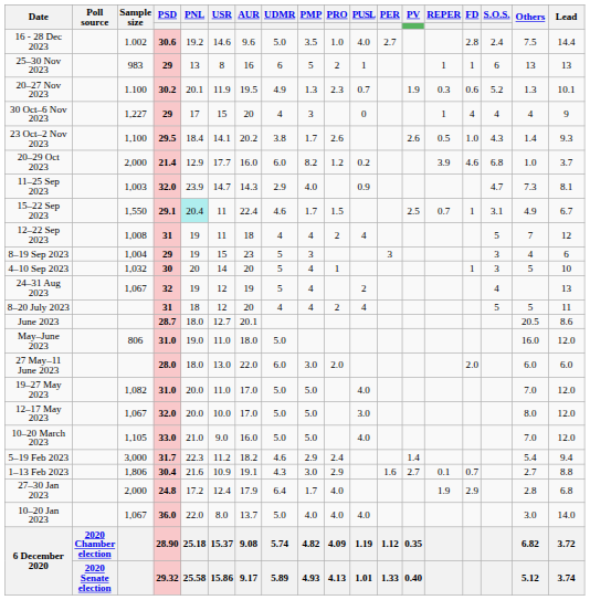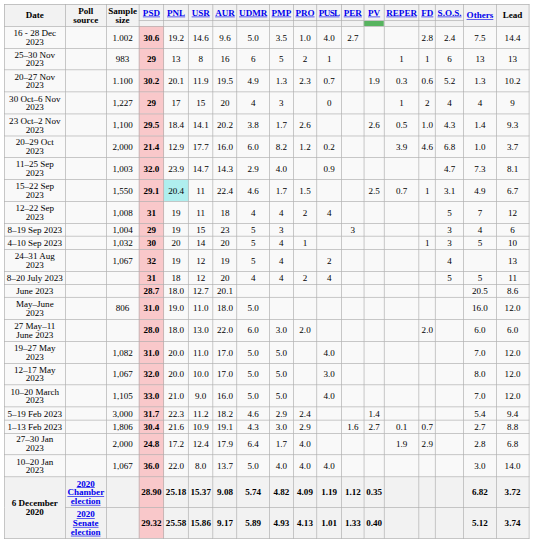 <table class="wikitable sortable mw-datatable" style="text-align:center;font-size:90%;line-height:14px;">
 <tr style="background:lightgrey;">
 <th rowspan="2" style="width:90px;">Date</th>
 <th rowspan="2" style="width:40px;">Poll source</th>
 <th rowspan="2" class="unsortable" style="width:20px;">Sample size</th>
 <th class="unsortable" style="width:30px;"><a href='#'>PSD</a></th>
 <th class="unsortable" style="width:15px;"><a href='#'>PNL</a></th>
 <th class="unsortable" style="width:30px;"><a href='#'>USR</a></th>
 <th class="unsortable" style="width:30px;"><a href='#'>AUR</a></th>
 <th class="unsortable" style="width:30px;"><a href='#'>UDMR</a></th>
 <th class="unsortable" style="width:30px;"><a href='#'>PMP</a></th>
 <th class="unsortable" style="width:30px;"><a href='#'>PRO</a></th>
 <th class="unsortable" style="width:30px;letter-spacing:-1px;"><a href='#'>PUSL</a></th>
 <th><a href='#'>PER</a></th>
 <th class="unsortable" style="width:15px;"><a href='#'>PV</a></th>
 <th><a href='#'>REPER</a></th>
 <th class="unsortable" style="width:15px;"><a href='#'>FD</a></th>
 <th><a href='#'>S.O.S.</a></th>
 <th rowspan="2" style="width:45px;"><a href='#'>Others</a></th>
 <th rowspan="2" style="width:45px;">Lead</th>
 </tr>
 <tr>
 <th data-sort-type="number" style="background:"></th>
 <th data-sort-type="number" style="background:"></th>
 <th data-sort-type="number" style="background:"></th>
 <th data-sort-type="number" style="background:"></th>
 <th data-sort-type="number" style="background:"></th>
 <th data-sort-type="number" style="background:"></th>
 <th data-sort-type="number" style="background:"></th>
 <th data-sort-type="number" style="background:"></th>
 <th data-sort-type="number" style="background:"></th>
 <th data-sort-type="number" style="background:#57B45F"></th>
 <th data-sort-type="number" style="background:"></th>
 <th data-sort-type="number" style="background:"></th>
 <th data-sort-type="number" style="background:"></th>
 </tr>
 <tr>
 <td>16 - 28 Dec 2023</td>
 <td></td>
 <td>1.002</td>
 <td style="background:#F9C8CA"><strong>30.6</strong></td>
 <td>19.2</td>
 <td>14.6</td>
 <td>9.6</td>
 <td>5.0</td>
 <td>3.5</td>
 <td>1.0</td>
 <td>4.0</td>
 <td>2.7</td>
 <td></td>
 <td></td>
 <td>2.8</td>
 <td>2.4</td>
 <td>7.5</td>
 <td style="background:">14.4</td>
 </tr>
 <tr>
 <td>25–30 Nov 2023</td>
 <td></td>
 <td>983</td>
 <td style="background:#F9C8CA"><strong>29</strong></td>
 <td>13</td>
 <td>8</td>
 <td>16</td>
 <td>6</td>
 <td>5</td>
 <td>2</td>
 <td>1</td>
 <td></td>
 <td></td>
 <td>1</td>
 <td>1</td>
 <td>6</td>
 <td>13</td>
 <td style="background:">13</td>
 </tr>
 <tr>
 <td>20–27 Nov 2023</td>
 <td></td>
 <td>1.100</td>
 <td style="background:#F9C8CA"><strong>30.2</strong></td>
 <td>20.1</td>
 <td>11.9</td>
 <td>19.5</td>
 <td>4.9</td>
 <td>1.3</td>
 <td>2.3</td>
 <td>0.7</td>
 <td></td>
 <td>1.9</td>
 <td>0.3</td>
 <td>0.6</td>
 <td>5.2</td>
 <td>1.3</td>
-<td style="background:">10.1</td>
+<td style="background:">10.2</td>
 </tr>
 <tr>
 <td data-sort-value="2023-11-06">30 Oct–6 Nov 2023</td>
 <td></td>
 <td>1,227</td>
 <td style="background:#F9C8CA"><strong>29</strong></td>
 <td>17</td>
 <td>15</td>
 <td>20</td>
 <td>4</td>
 <td>3</td>
 <td></td>
 <td>0</td>
 <td></td>
 <td></td>
 <td>1</td>
-<td>4</td>
+<td>2</td>
 <td>4</td>
 <td>4</td>
 <td style="background:">9</td>
 </tr>
 <tr>
 <td>23 Oct–2 Nov 2023</td>
 <td></td>
 <td>1,100</td>
 <td style="background:#F9C8CA"><strong>29.5</strong></td>
 <td>18.4</td>
 <td>14.1</td>
 <td>20.2</td>
 <td>3.8</td>
 <td>1.7</td>
 <td>2.6</td>
 <td></td>
 <td></td>
 <td>2.6</td>
 <td>0.5</td>
 <td>1.0</td>
 <td>4.3</td>
 <td>1.4</td>
 <td style="background:">9.3</td>
 </tr>
 <tr>
 <td>20–29 Oct 2023</td>
 <td></td>
 <td>2,000</td>
 <td style="background:#F9C8CA"><strong>21.4</strong></td>
 <td>12.9</td>
 <td>17.7</td>
 <td>16.0</td>
 <td>6.0</td>
 <td>8.2</td>
 <td>1.2</td>
 <td>0.2</td>
 <td></td>
 <td></td>
 <td>3.9</td>
 <td>4.6</td>
 <td>6.8</td>
 <td>1.0</td>
 <td style="background:">3.7</td>
 </tr>
 <tr>
 <td>11–25 Sep 2023</td>
 <td></td>
 <td>1,003</td>
 <td style="background:#F9C8CA"><strong>32.0</strong></td>
 <td>23.9</td>
 <td>14.7</td>
 <td>14.3</td>
 <td>2.9</td>
 <td>4.0</td>
 <td></td>
 <td>0.9</td>
 <td></td>
 <td></td>
 <td></td>
 <td></td>
 <td>4.7</td>
 <td>7.3</td>
 <td style="background:">8.1</td>
 </tr>
 <tr>
 <td>15–22 Sep 2023</td>
 <td></td>
 <td>1,550</td>
 <td style="background:#F9C8CA"><strong>29.1</strong></td>
 <td style="background: paleturquoise;">20.4</td>
 <td>11</td>
 <td>22.4</td>
 <td>4.6</td>
 <td>1.7</td>
 <td>1.5</td>
 <td></td>
 <td></td>
 <td>2.5</td>
 <td>0.7</td>
 <td>1</td>
 <td>3.1</td>
 <td>4.9</td>
 <td style="background:">6.7</td>
 </tr>
 <tr>
 <td>12–22 Sep 2023</td>
 <td></td>
 <td>1,008</td>
 <td style="background:#F9C8CA"><strong>31</strong></td>
 <td>19</td>
 <td>11</td>
 <td>18</td>
 <td>4</td>
 <td>4</td>
 <td>2</td>
 <td>4</td>
 <td></td>
 <td></td>
 <td></td>
 <td></td>
 <td>5</td>
 <td>7</td>
 <td style="background:">12</td>
 </tr>
 <tr>
 <td>8–19 Sep 2023</td>
 <td></td>
 <td>1,004</td>
 <td style="background:#F9C8CA"><strong>29</strong></td>
 <td>19</td>
 <td>15</td>
 <td>23</td>
 <td>5</td>
 <td>3</td>
 <td></td>
 <td></td>
 <td>3</td>
 <td></td>
 <td></td>
 <td></td>
 <td>3</td>
 <td>4</td>
 <td style="background:">6</td>
 </tr>
 <tr>
 <td>4–10 Sep 2023</td>
 <td></td>
 <td>1,032</td>
 <td style="background:#F9C8CA"><strong>30</strong></td>
 <td>20</td>
 <td>14</td>
 <td>20</td>
 <td>5</td>
 <td>4</td>
 <td>1</td>
 <td></td>
 <td></td>
 <td></td>
 <td></td>
 <td>1</td>
 <td>3</td>
 <td>5</td>
 <td style="background:">10</td>
 </tr>
 <tr>
 <td>24–31 Aug 2023</td>
 <td></td>
 <td>1,067</td>
 <td style="background:#F9C8CA"><strong>32</strong></td>
 <td>19</td>
 <td>12</td>
 <td>19</td>
 <td>5</td>
 <td>4</td>
 <td></td>
 <td>2</td>
 <td></td>
 <td></td>
 <td></td>
 <td></td>
 <td>4</td>
 <td></td>
 <td style="background:">13</td>
 </tr>
 <tr>
 <td>8–20 July 2023</td>
 <td></td>
 <td></td>
 <td style="background:#F9C8CA"><strong>31</strong></td>
 <td>18</td>
 <td>12</td>
 <td>20</td>
 <td>4</td>
 <td>4</td>
 <td>2</td>
 <td>4</td>
 <td></td>
 <td></td>
 <td></td>
 <td></td>
 <td>5</td>
 <td>5</td>
 <td style="background:">11</td>
 </tr>
 <tr>
 <td>June 2023</td>
 <td></td>
 <td></td>
 <td style="background:#F9C8CA"><strong>28.7</strong></td>
 <td>18.0</td>
 <td>12.7</td>
 <td>20.1</td>
 <td></td>
 <td></td>
 <td></td>
 <td></td>
 <td></td>
 <td></td>
 <td></td>
 <td></td>
 <td></td>
 <td>20.5</td>
 <td style="background:">8.6</td>
 </tr>
 <tr>
 <td>May–June 2023</td>
 <td></td>
 <td>806</td>
 <td style="background:#F9C8CA"><strong>31.0</strong></td>
 <td>19.0</td>
 <td>11.0</td>
 <td>18.0</td>
 <td>5.0</td>
 <td></td>
 <td></td>
 <td></td>
 <td></td>
 <td></td>
 <td></td>
 <td></td>
 <td></td>
 <td>16.0</td>
 <td style="background:">12.0</td>
 </tr>
 <tr>
 <td>27 May–11 June 2023</td>
 <td></td>
 <td></td>
 <td style="background:#F9C8CA"><strong>28.0</strong></td>
 <td>18.0</td>
 <td>13.0</td>
 <td>22.0</td>
 <td>6.0</td>
 <td>3.0</td>
 <td>2.0</td>
 <td></td>
 <td></td>
 <td></td>
 <td></td>
 <td>2.0</td>
 <td></td>
 <td>6.0</td>
 <td style="background:">6.0</td>
 </tr>
 <tr>
 <td>19–27 May 2023</td>
 <td></td>
 <td>1,082</td>
 <td style="background:#F9C8CA"><strong>31.0</strong></td>
 <td>20.0</td>
 <td>11.0</td>
 <td>17.0</td>
 <td>5.0</td>
 <td>5.0</td>
 <td></td>
 <td>4.0</td>
 <td></td>
 <td></td>
 <td></td>
 <td></td>
 <td></td>
 <td>7.0</td>
 <td style="background:">12.0</td>
 </tr>
 <tr>
 <td>12–17 May 2023</td>
 <td></td>
 <td>1,067</td>
 <td style="background:#F9C8CA"><strong>32.0</strong></td>
 <td>20.0</td>
 <td>10.0</td>
 <td>17.0</td>
 <td>5.0</td>
 <td>5.0</td>
 <td></td>
 <td>3.0</td>
 <td></td>
 <td></td>
 <td></td>
 <td></td>
 <td></td>
 <td>8.0</td>
 <td style="background:">12.0</td>
 </tr>
 <tr>
 <td>10–20 March 2023</td>
 <td></td>
 <td>1,105</td>
 <td style="background:#F9C8CA"><strong>33.0</strong></td>
 <td>21.0</td>
 <td>9.0</td>
 <td>16.0</td>
 <td>5.0</td>
 <td>5.0</td>
 <td></td>
 <td>4.0</td>
 <td></td>
 <td></td>
 <td></td>
 <td></td>
 <td></td>
 <td>7.0</td>
 <td style="background:">12.0</td>
 </tr>
 <tr>
 <td>5–19 Feb 2023</td>
 <td></td>
 <td>3,000</td>
 <td style="background:#F9C8CA"><strong>31.7</strong></td>
 <td>22.3</td>
 <td>11.2</td>
 <td>18.2</td>
 <td>4.6</td>
 <td>2.9</td>
 <td>2.4</td>
 <td></td>
 <td></td>
 <td>1.4</td>
 <td></td>
 <td></td>
 <td></td>
 <td>5.4</td>
 <td style="background:">9.4</td>
 </tr>
 <tr>
 <td>1–13 Feb 2023</td>
 <td></td>
 <td>1,806</td>
 <td style="background:#F9C8CA"><strong>30.4</strong></td>
 <td>21.6</td>
 <td>10.9</td>
 <td>19.1</td>
 <td>4.3</td>
 <td>3.0</td>
 <td>2.9</td>
 <td></td>
 <td>1.6</td>
 <td>2.7</td>
 <td>0.1</td>
 <td>0.7</td>
 <td></td>
 <td>2.7</td>
 <td style="background:">8.8</td>
 </tr>
 <tr>
 <td>27–30 Jan 2023</td>
 <td></td>
 <td>2,000</td>
 <td style="background:#F9C8CA"><strong>24.8</strong></td>
 <td>17.2</td>
 <td>12.4</td>
 <td>17.9</td>
 <td>6.4</td>
 <td>1.7</td>
 <td>4.0</td>
 <td></td>
 <td></td>
 <td></td>
 <td>1.9</td>
 <td>2.9</td>
 <td></td>
 <td>2.8</td>
 <td style="background:">6.8</td>
 </tr>
 <tr>
 <td>10–20 Jan 2023</td>
 <td></td>
 <td>1,067</td>
 <td style="background:#F9C8CA"><strong>36.0</strong></td>
 <td>22.0</td>
 <td>8.0</td>
 <td>13.7</td>
 <td>5.0</td>
 <td>4.0</td>
 <td>4.0</td>
 <td>4.0</td>
 <td></td>
 <td></td>
 <td></td>
 <td></td>
 <td></td>
 <td>3.0</td>
 <td style="background:">14.0</td>
 </tr>
 <tr>
 <th rowspan="2" data-sort-value="2020-12-06">6 December 2020</th>
 <th><a href='#'>2020 Chamber election</a></th>
 <th></th>
 <th style="background:#F9C8CA;">28.90</th>
 <th>25.18</th>
 <th>15.37</th>
 <th>9.08</th>
 <th>5.74</th>
 <th>4.82</th>
 <th>4.09</th>
 <th>1.19</th>
 <th>1.12</th>
 <th>0.35</th>
 <th></th>
 <th></th>
 <th></th>
 <th>6.82</th>
 <th style="background:">3.72</th>
 </tr>
 <tr>
 <th><a href='#'>2020 Senate election</a></th>
 <th></th>
 <th style="background:#F9C8CA;">29.32</th>
 <th>25.58</th>
 <th>15.86</th>
 <th>9.17</th>
 <th>5.89</th>
 <th>4.93</th>
 <th>4.13</th>
 <th>1.01</th>
 <th>1.33</th>
 <th>0.40</th>
 <th></th>
 <th></th>
 <th></th>
 <th>5.12</th>
 <th style="background:">3.74</th>
 </tr>
 </table>
